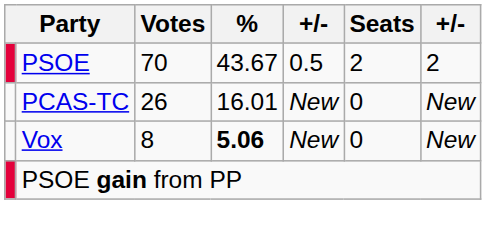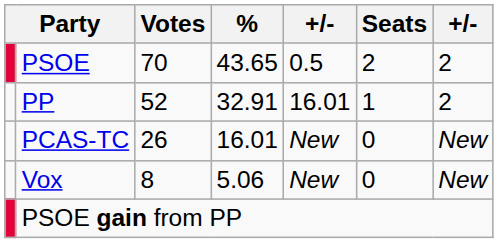 <table class="wikitable">
 <tr>
 <th colspan="2">Party</th>
 <th>Votes</th>
 <th>%</th>
 <th>+/-</th>
 <th>Seats</th>
 <th>+/-</th>
 </tr>
 <tr>
 <td bgcolor="#E4003B"></td>
 <td><a href='#'>PSOE</a></td>
 <td>70</td>
-<td>43.67</td>
+<td>43.65</td>
 <td> 0.5</td>
 <td>2</td>
+<td> 2</td>
+</tr>
+<tr>
+<td></td>
+<td><a href='#'>PP</a></td>
+<td>52</td>
+<td>32.91</td>
+<td> 16.01</td>
+<td>1</td>
 <td> 2</td>
 </tr>
 <tr>
 <td></td>
 <td><a href='#'>PCAS-TC</a></td>
 <td>26</td>
 <td>16.01</td>
 <td><em>New</em></td>
 <td>0</td>
 <td><em>New</em></td>
 </tr>
 <tr>
 <td></td>
 <td><a href='#'>Vox</a></td>
 <td>8</td>
-<td><strong>5.06</strong></td>
+<td>5.06</td>
 <td><em>New</em></td>
 <td>0</td>
 <td><em>New</em></td>
 </tr>
 <tr>
 <td bgcolor="#E4003B"></td>
 <td colspan="6">PSOE <strong>gain</strong> from PP</td>
 </tr>
 </table>
